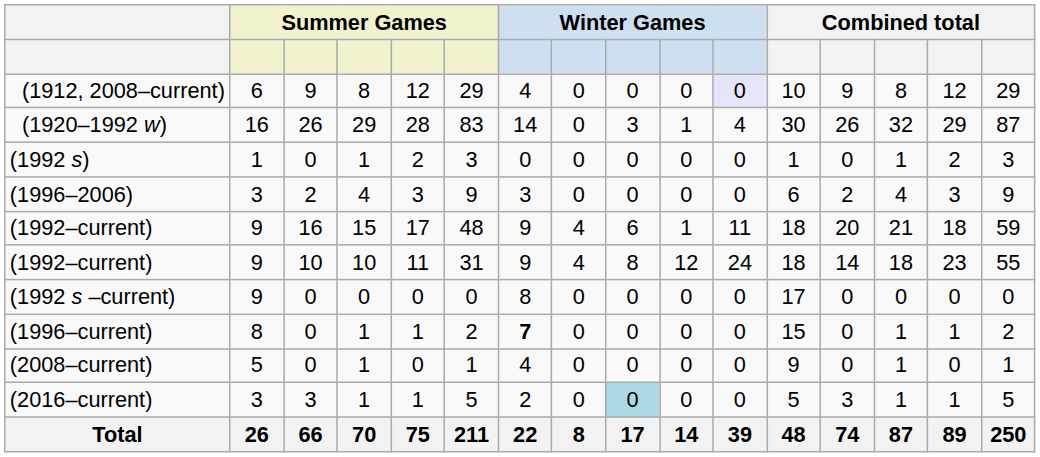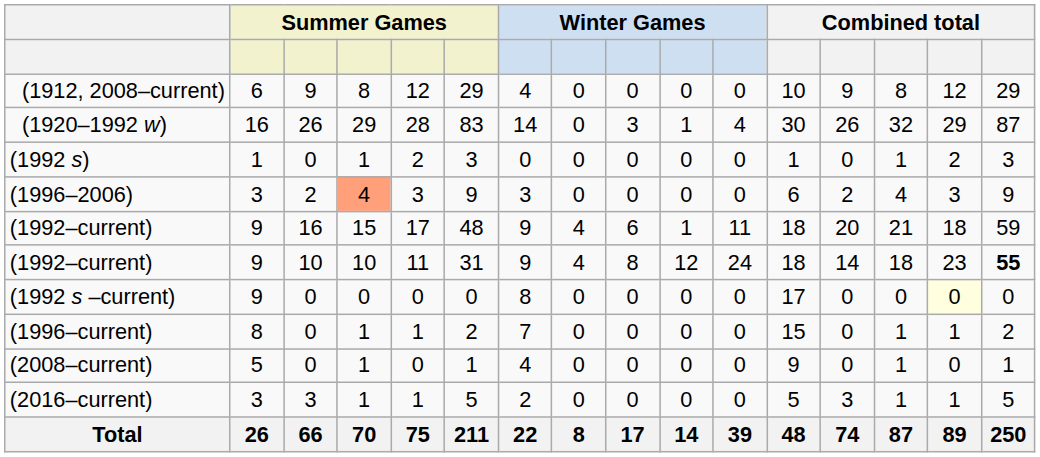 <table class="wikitable sortable" style="margin-top:0; text-align:center; font-size:90%;">
 <tr>
 <th></th>
 <th align="center" style="background-color:#f2f2ce;" colspan="5" ;>Summer Games</th>
 <th align="center" style="background-color:#cedff2;" colspan="5" ;>Winter Games</th>
 <th align="center" colspan="5" ;>Combined total</th>
 </tr>
 <tr>
 <th></th>
 <th style="background-color:#f2f2ce; width:2em;"><br></th>
 <th style="background-color:#f2f2ce; width:2em;"><br></th>
 <th style="background-color:#f2f2ce; width:2em;"><br></th>
 <th style="background-color:#f2f2ce; width:2em;"><br></th>
 <th style="background-color:#f2f2ce; width:2em;"><br></th>
 <th style="background-color:#cedff2; width:2em;"><br></th>
 <th style="background-color:#cedff2; width:2em;"><br></th>
 <th style="background-color:#cedff2; width:2em;"><br></th>
 <th style="background-color:#cedff2; width:2em;"><br></th>
 <th style="background-color:#cedff2; width:2em;"><br></th>
 <th style="width:2em;"><br></th>
 <th style="width:2em;"><br></th>
 <th style="width:2em;"><br></th>
 <th style="width:2em;"><br></th>
 <th style="width:2em;"><br></th>
 </tr>
 <tr>
 <td style="text-align: left;">  (1912, 2008–current)</td>
 <td>6</td>
 <td>9</td>
 <td>8</td>
 <td>12</td>
 <td>29</td>
 <td>4</td>
 <td>0</td>
 <td>0</td>
 <td>0</td>
-<td style="background: lavender;">0</td>
+<td>0</td>
 <td>10</td>
 <td>9</td>
 <td>8</td>
 <td>12</td>
 <td>29</td>
 </tr>
 <tr>
 <td style="text-align: left;">  (1920–1992 <em>w</em>)</td>
 <td>16</td>
 <td>26</td>
 <td>29</td>
 <td>28</td>
 <td>83</td>
 <td>14</td>
 <td>0</td>
 <td>3</td>
 <td>1</td>
 <td>4</td>
 <td>30</td>
 <td>26</td>
 <td>32</td>
 <td>29</td>
 <td>87</td>
 </tr>
 <tr>
 <td style="text-align: left;"> (1992 <em>s</em>)</td>
 <td>1</td>
 <td>0</td>
 <td>1</td>
 <td>2</td>
 <td>3</td>
 <td>0</td>
 <td>0</td>
 <td>0</td>
 <td>0</td>
 <td>0</td>
 <td>1</td>
 <td>0</td>
 <td>1</td>
 <td>2</td>
 <td>3</td>
 </tr>
 <tr>
 <td style="text-align: left;"> (1996–2006)</td>
 <td>3</td>
 <td>2</td>
-<td>4</td>
+<td style="background: lightsalmon;">4</td>
 <td>3</td>
 <td>9</td>
 <td>3</td>
 <td>0</td>
 <td>0</td>
 <td>0</td>
 <td>0</td>
 <td>6</td>
 <td>2</td>
 <td>4</td>
 <td>3</td>
 <td>9</td>
 </tr>
 <tr>
 <td style="text-align: left;"> (1992–current)</td>
 <td>9</td>
 <td>16</td>
 <td>15</td>
 <td>17</td>
 <td>48</td>
 <td>9</td>
 <td>4</td>
 <td>6</td>
 <td>1</td>
 <td>11</td>
 <td>18</td>
 <td>20</td>
 <td>21</td>
 <td>18</td>
 <td>59</td>
 </tr>
 <tr>
 <td style="text-align: left;"> (1992–current)</td>
 <td>9</td>
 <td>10</td>
 <td>10</td>
 <td>11</td>
 <td>31</td>
 <td>9</td>
 <td>4</td>
 <td>8</td>
 <td>12</td>
 <td>24</td>
 <td>18</td>
 <td>14</td>
 <td>18</td>
 <td>23</td>
-<td>55</td>
+<td><strong>55</strong></td>
 </tr>
 <tr>
 <td style="text-align: left;"> (1992 <em>s</em> –current)</td>
 <td>9</td>
 <td>0</td>
 <td>0</td>
 <td>0</td>
 <td>0</td>
 <td>8</td>
 <td>0</td>
 <td>0</td>
 <td>0</td>
 <td>0</td>
 <td>17</td>
 <td>0</td>
 <td>0</td>
-<td>0</td>
+<td style="background: lightyellow;">0</td>
 <td>0</td>
 </tr>
 <tr>
 <td style="text-align: left;"> (1996–current)</td>
 <td>8</td>
 <td>0</td>
 <td>1</td>
 <td>1</td>
 <td>2</td>
-<td><strong>7</strong></td>
+<td>7</td>
 <td>0</td>
 <td>0</td>
 <td>0</td>
 <td>0</td>
 <td>15</td>
 <td>0</td>
 <td>1</td>
 <td>1</td>
 <td>2</td>
 </tr>
 <tr>
 <td style="text-align: left;"> (2008–current)</td>
 <td>5</td>
 <td>0</td>
 <td>1</td>
 <td>0</td>
 <td>1</td>
 <td>4</td>
 <td>0</td>
 <td>0</td>
 <td>0</td>
 <td>0</td>
 <td>9</td>
 <td>0</td>
 <td>1</td>
 <td>0</td>
 <td>1</td>
 </tr>
 <tr>
 <td style="text-align: left;"> (2016–current)</td>
 <td>3</td>
 <td>3</td>
 <td>1</td>
 <td>1</td>
 <td>5</td>
 <td>2</td>
 <td>0</td>
-<td style="background: lightblue;">0</td>
+<td>0</td>
 <td>0</td>
 <td>0</td>
 <td>5</td>
 <td>3</td>
 <td>1</td>
 <td>1</td>
 <td>5</td>
 </tr>
 <tr>
 <th style="text-align: center;">Total</th>
 <th>26</th>
 <th>66</th>
 <th>70</th>
 <th>75</th>
 <th>211</th>
 <th>22</th>
 <th>8</th>
 <th>17</th>
 <th>14</th>
 <th>39</th>
 <th>48</th>
 <th>74</th>
 <th>87</th>
 <th>89</th>
 <th>250</th>
 </tr>
 </table>
